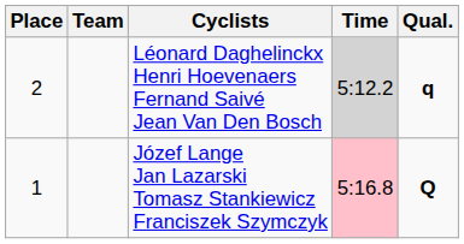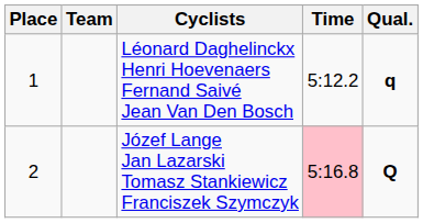 <table class=wikitable style="text-align:center">
 <tr>
 <th>Place</th>
 <th>Team</th>
 <th>Cyclists</th>
 <th>Time</th>
 <th>Qual.</th>
 </tr>
 <tr>
-<td>2</td>
+<td>1</td>
 <td align=left></td>
 <td align=left><a href='#'>Léonard Daghelinckx</a> <br> <a href='#'>Henri Hoevenaers</a> <br> <a href='#'>Fernand Saivé</a> <br> <a href='#'>Jean Van Den Bosch</a></td>
-<td style="background: lightgrey;">5:12.2</td>
+<td>5:12.2</td>
 <td><strong>q</strong></td>
 </tr>
 <tr>
-<td>1</td>
+<td>2</td>
 <td align=left></td>
 <td align=left><a href='#'>Józef Lange</a> <br> <a href='#'>Jan Lazarski</a> <br> <a href='#'>Tomasz Stankiewicz</a> <br> <a href='#'>Franciszek Szymczyk</a></td>
 <td style="background: pink;">5:16.8</td>
 <td><strong>Q</strong></td>
 </tr>
 </table>
